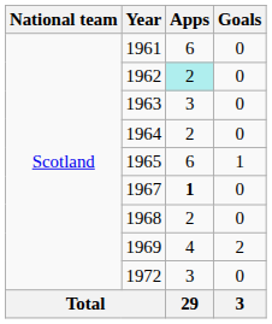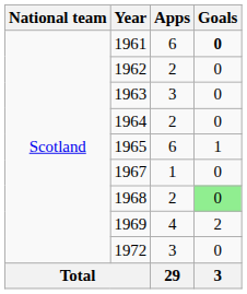 <table class="wikitable" style="text-align:center">
 <tr>
 <th>National team</th>
 <th>Year</th>
 <th>Apps</th>
 <th>Goals</th>
 </tr>
 <tr>
 <td rowspan="9"><a href='#'>Scotland</a></td>
 <td>1961</td>
 <td>6</td>
-<td>0</td>
+<td><strong>0</strong></td>
 </tr>
 <tr>
 <td>1962</td>
-<td style="background: paleturquoise;">2</td>
+<td>2</td>
 <td>0</td>
 </tr>
 <tr>
 <td>1963</td>
 <td>3</td>
 <td>0</td>
 </tr>
 <tr>
 <td>1964</td>
 <td>2</td>
 <td>0</td>
 </tr>
 <tr>
 <td>1965</td>
 <td>6</td>
 <td>1</td>
 </tr>
 <tr>
 <td>1967</td>
-<td><strong>1</strong></td>
+<td>1</td>
 <td>0</td>
 </tr>
 <tr>
 <td>1968</td>
 <td>2</td>
-<td>0</td>
+<td style="background: lightgreen;">0</td>
 </tr>
 <tr>
 <td>1969</td>
 <td>4</td>
 <td>2</td>
 </tr>
 <tr>
 <td>1972</td>
 <td>3</td>
 <td>0</td>
 </tr>
 <tr>
 <th colspan="2">Total</th>
 <th>29</th>
 <th>3</th>
 </tr>
 </table>
